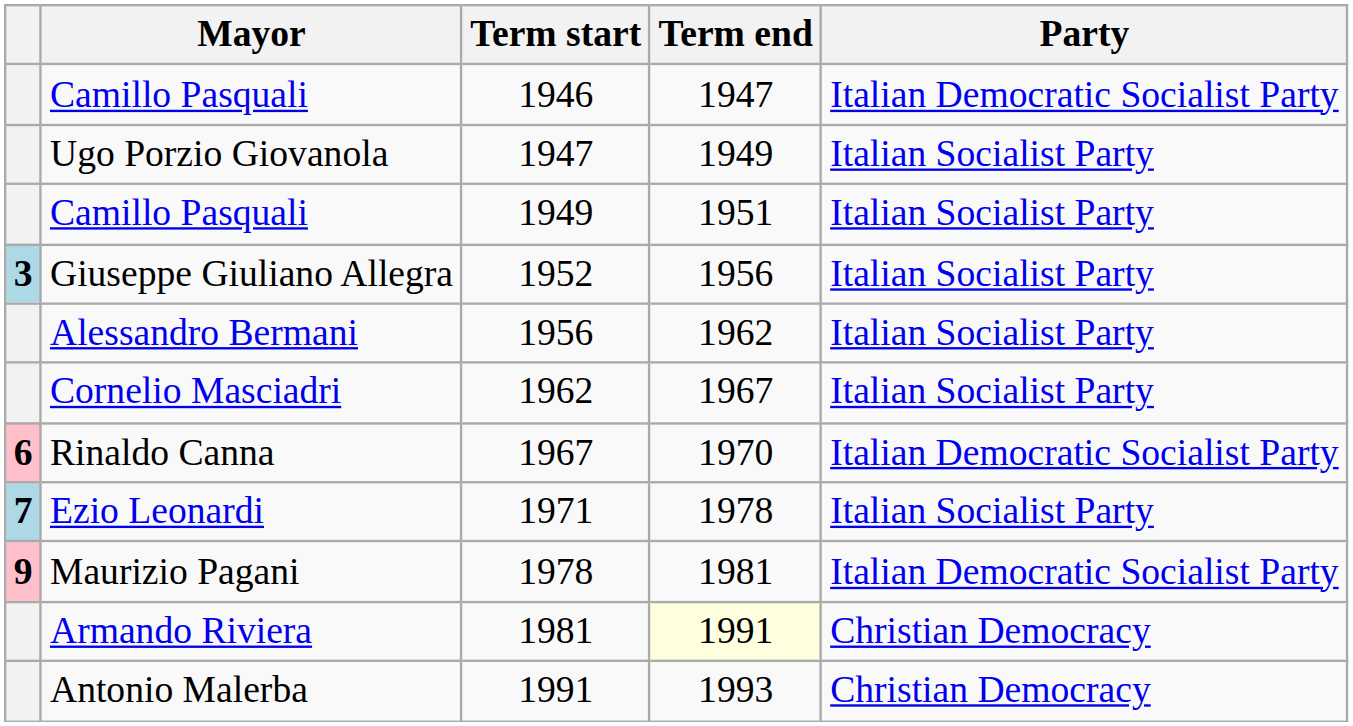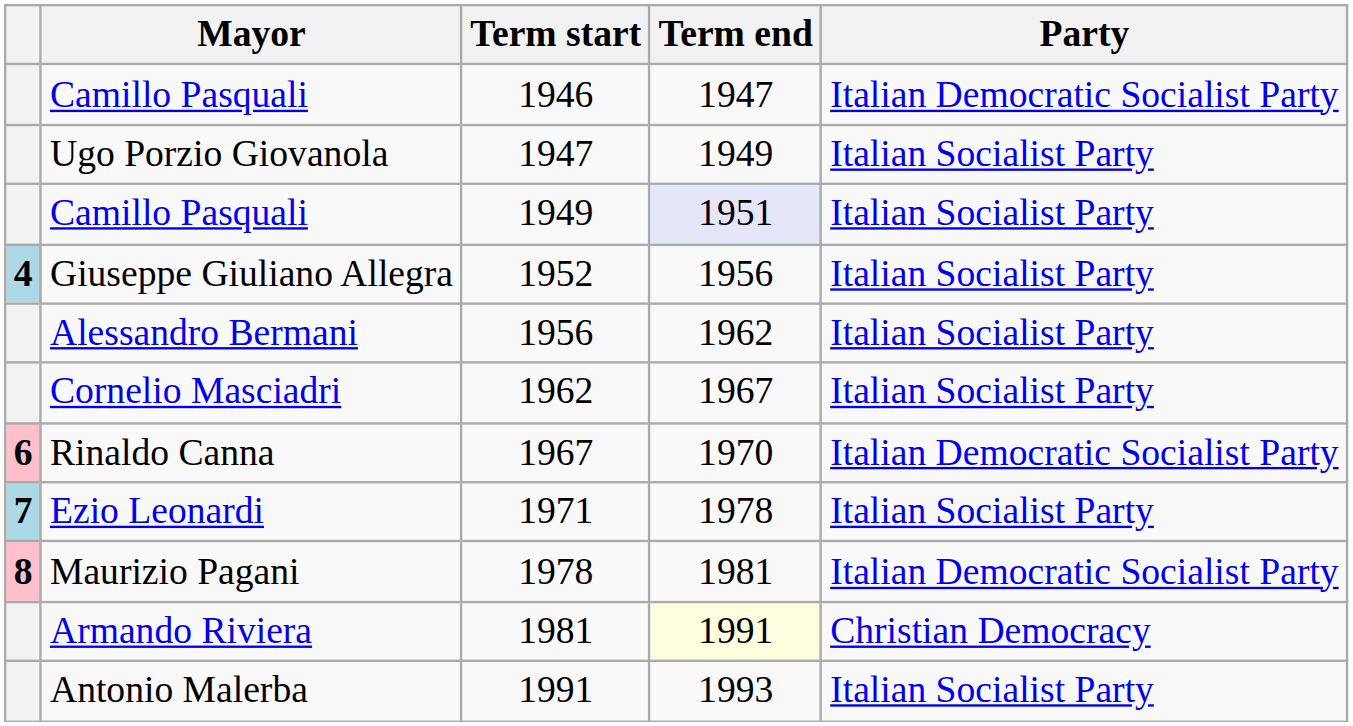 <table class="wikitable">
 <tr>
 <th class=unsortable> </th>
 <th>Mayor</th>
 <th>Term start</th>
 <th>Term end</th>
 <th>Party</th>
 </tr>
 <tr>
 <th rowspan=1 style="background:"></th>
 <td><a href='#'>Camillo Pasquali</a></td>
 <td align=center>1946</td>
 <td align=center>1947</td>
 <td><a href='#'>Italian Democratic Socialist Party</a></td>
 </tr>
 <tr>
 <th rowspan=1 style="background:"></th>
 <td>Ugo Porzio Giovanola</td>
 <td align=center>1947</td>
 <td align=center>1949</td>
 <td><a href='#'>Italian Socialist Party</a></td>
 </tr>
 <tr>
 <th rowspan=1 style="background:"></th>
 <td><a href='#'>Camillo Pasquali</a></td>
 <td align=center>1949</td>
-<td align=center>1951</td>
+<td align=center style="background: lavender;">1951</td>
 <td><a href='#'>Italian Socialist Party</a></td>
 </tr>
 <tr>
-<th style="background:#ADD8E6;">3</th>
+<th style="background:#ADD8E6;">4</th>
 <td>Giuseppe Giuliano Allegra</td>
 <td align=center>1952</td>
 <td align=center>1956</td>
 <td><a href='#'>Italian Socialist Party</a></td>
 </tr>
 <tr>
 <th rowspan=1 style="background:"></th>
 <td><a href='#'>Alessandro Bermani</a></td>
 <td align=center>1956</td>
 <td align=center>1962</td>
 <td><a href='#'>Italian Socialist Party</a></td>
 </tr>
 <tr>
 <th rowspan=1 style="background:"></th>
 <td><a href='#'>Cornelio Masciadri</a></td>
 <td align=center>1962</td>
 <td align=center>1967</td>
 <td><a href='#'>Italian Socialist Party</a></td>
 </tr>
 <tr>
 <th style="background:#FFC0CB;">6</th>
 <td>Rinaldo Canna</td>
 <td align=center>1967</td>
 <td align=center>1970</td>
 <td><a href='#'>Italian Democratic Socialist Party</a></td>
 </tr>
 <tr>
 <th style="background:#ADD8E6;">7</th>
 <td><a href='#'>Ezio Leonardi</a></td>
 <td align=center>1971</td>
 <td align=center>1978</td>
 <td><a href='#'>Italian Socialist Party</a></td>
 </tr>
 <tr>
-<th style="background:#FFC0CB;">9</th>
+<th style="background:#FFC0CB;">8</th>
 <td>Maurizio Pagani</td>
 <td align=center>1978</td>
 <td align=center>1981</td>
 <td><a href='#'>Italian Democratic Socialist Party</a></td>
 </tr>
 <tr>
 <th rowspan=1 style="background:"></th>
 <td><a href='#'>Armando Riviera</a></td>
 <td align=center>1981</td>
 <td align=center style="background: lightyellow;">1991</td>
 <td><a href='#'>Christian Democracy</a></td>
 </tr>
 <tr>
 <th rowspan=1 style="background:"></th>
 <td>Antonio Malerba</td>
 <td align=center>1991</td>
 <td align=center>1993</td>
-<td><a href='#'>Christian Democracy</a></td>
+<td><a href='#'>Italian Socialist Party</a></td>
 </tr>
 <tr>
 </tr>
 </table>
